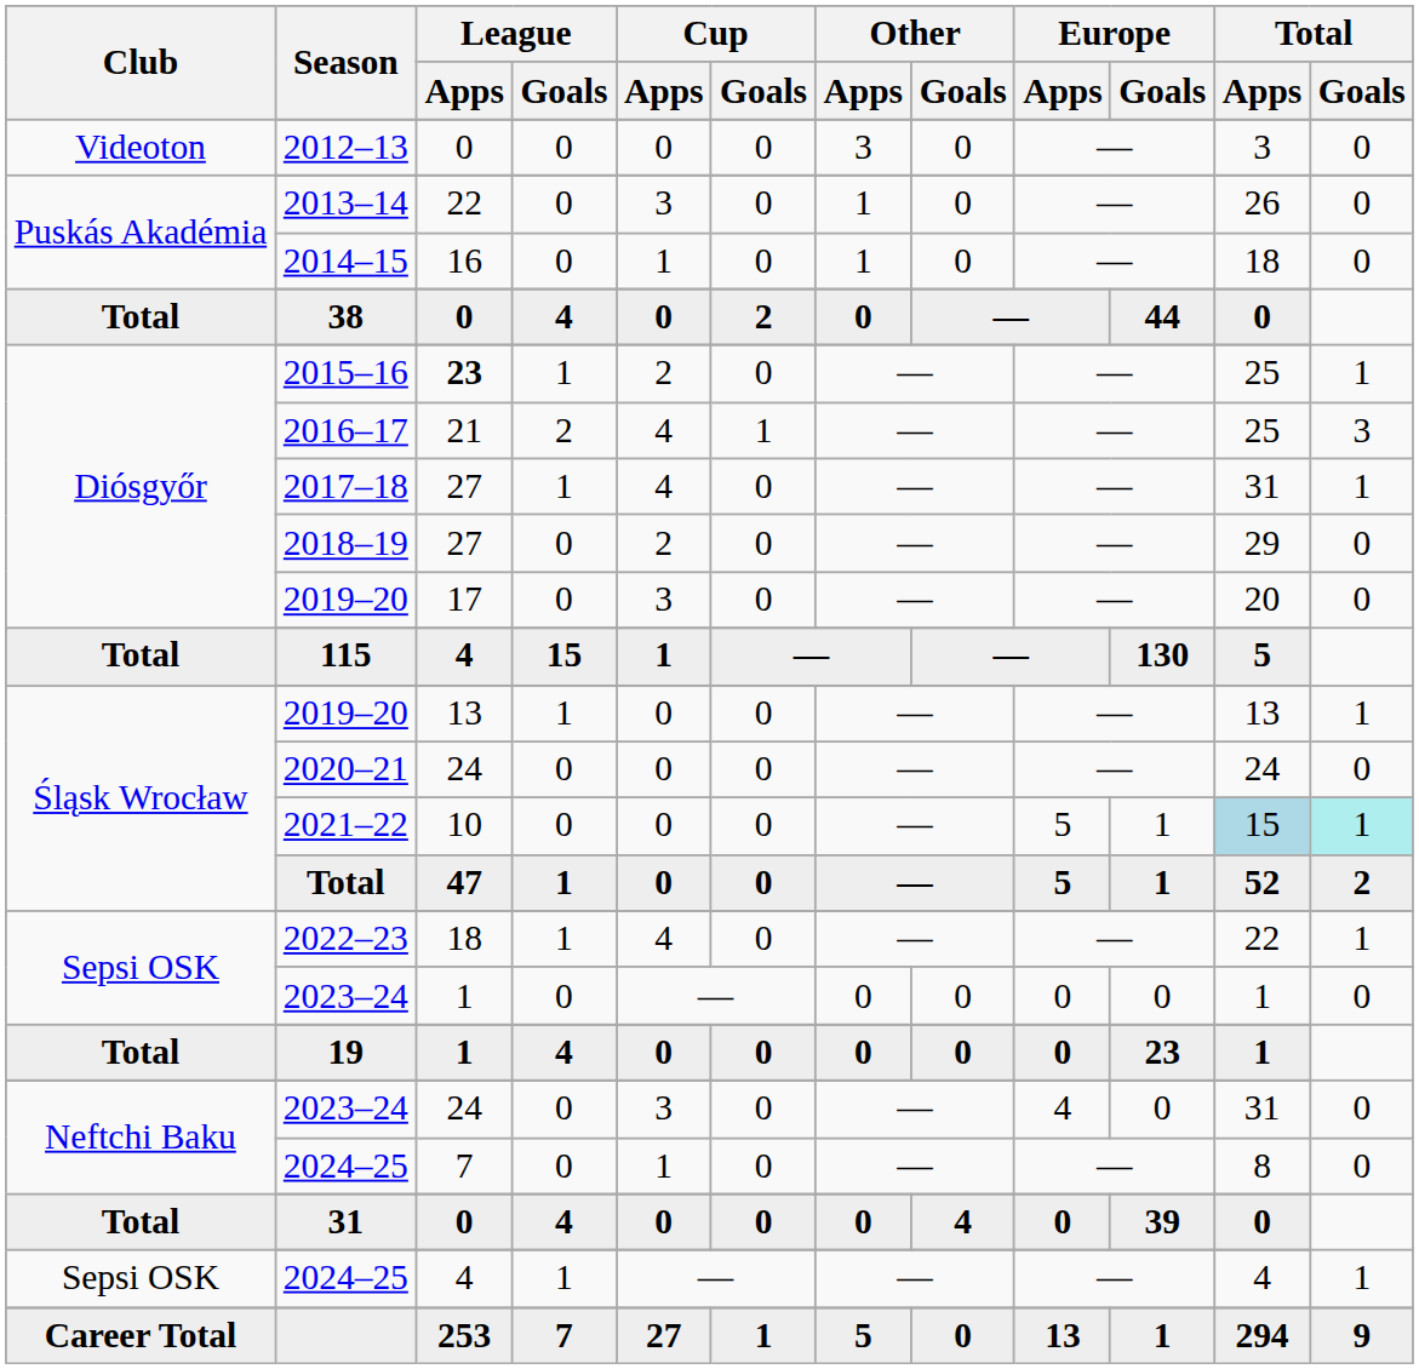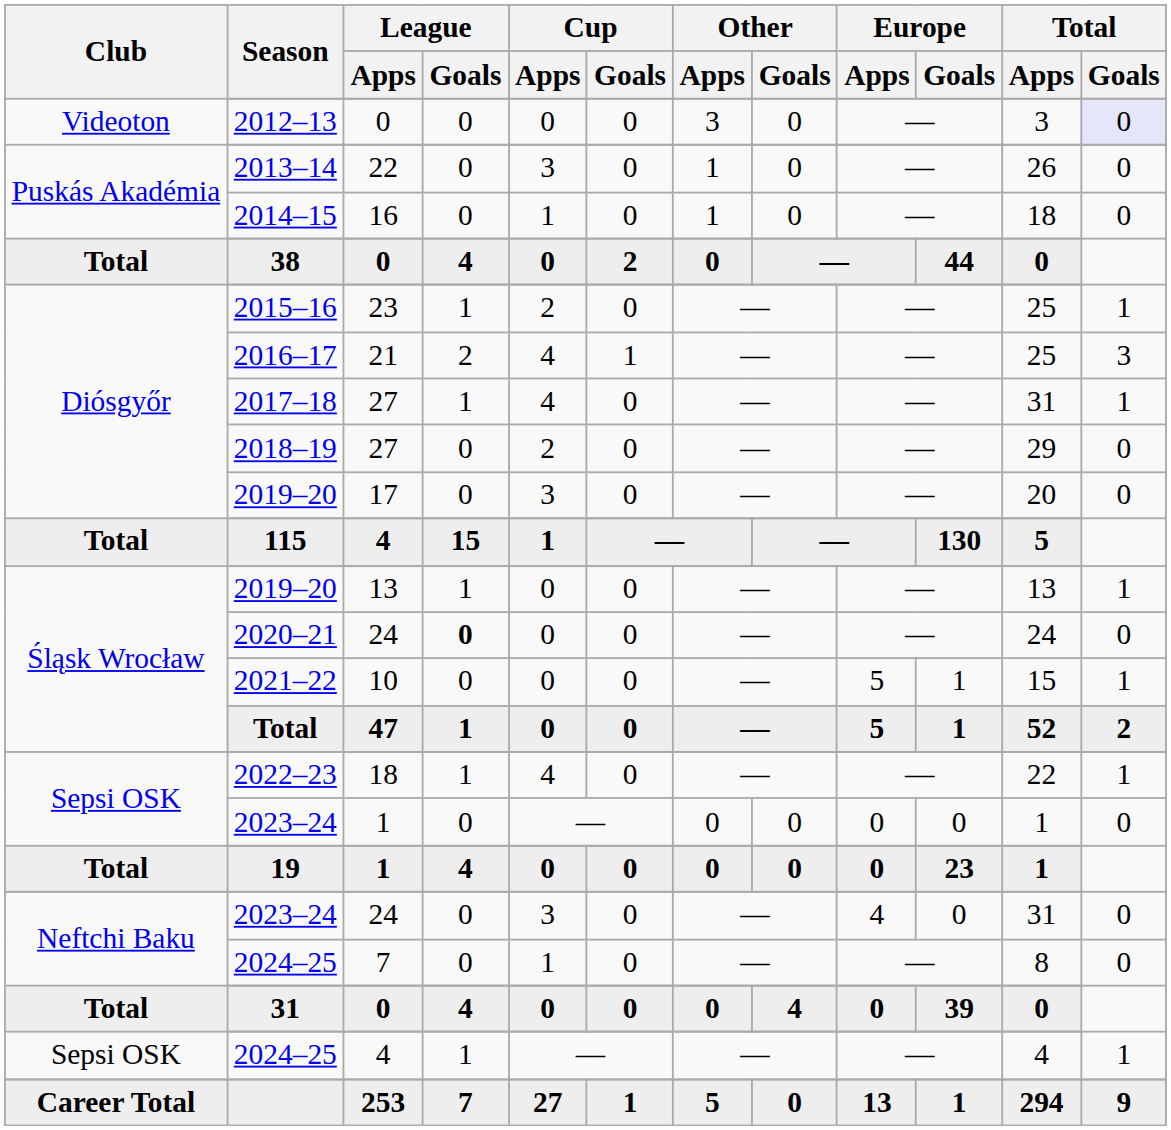 <table class="wikitable" style="font-size:100%; text-align: center;">
 <tr>
 <th rowspan="2">Club</th>
 <th rowspan="2">Season</th>
 <th colspan="2">League</th>
 <th colspan="2">Cup</th>
 <th colspan="2">Other</th>
 <th colspan="2">Europe</th>
 <th colspan="2">Total</th>
 </tr>
 <tr>
 <th>Apps</th>
 <th>Goals</th>
 <th>Apps</th>
 <th>Goals</th>
 <th>Apps</th>
 <th>Goals</th>
 <th>Apps</th>
 <th>Goals</th>
 <th>Apps</th>
 <th>Goals</th>
 </tr>
 <tr ||-||-||-|->
 <td rowspan="2" valign="center"><a href='#'>Videoton</a></td>
 </tr>
 <tr>
 <td><a href='#'>2012–13</a></td>
 <td>0</td>
 <td>0</td>
 <td>0</td>
 <td>0</td>
 <td>3</td>
 <td>0</td>
 <td colspan=2>—</td>
 <td>3</td>
-<td>0</td>
+<td style="background: lavender;">0</td>
 </tr>
 <tr>
 <td rowspan="4" valign="center"><a href='#'>Puskás Akadémia</a></td>
 </tr>
 <tr>
 <td><a href='#'>2013–14</a></td>
 <td>22</td>
 <td>0</td>
 <td>3</td>
 <td>0</td>
 <td>1</td>
 <td>0</td>
 <td colspan=2>—</td>
 <td>26</td>
 <td>0</td>
 </tr>
 <tr>
 <td><a href='#'>2014–15</a></td>
 <td>16</td>
 <td>0</td>
 <td>1</td>
 <td>0</td>
 <td>1</td>
 <td>0</td>
 <td colspan=2>—</td>
 <td>18</td>
 <td>0</td>
 </tr>
 <tr>
 </tr>
 <tr style="font-weight:bold; background-color:#eeeeee;">
 <td>Total</td>
 <td>38</td>
 <td>0</td>
 <td>4</td>
 <td>0</td>
 <td>2</td>
 <td>0</td>
 <td colspan=2>—</td>
 <td>44</td>
 <td>0</td>
 </tr>
 <tr>
 <td rowspan="7" valign="center"><a href='#'>Diósgyőr</a></td>
 </tr>
 <tr>
 <td><a href='#'>2015–16</a></td>
-<td><strong>23</strong></td>
+<td>23</td>
 <td>1</td>
 <td>2</td>
 <td>0</td>
 <td colspan=2>—</td>
 <td colspan=2>—</td>
 <td>25</td>
 <td>1</td>
 </tr>
 <tr>
 <td><a href='#'>2016–17</a></td>
 <td>21</td>
 <td>2</td>
 <td>4</td>
 <td>1</td>
 <td colspan=2>—</td>
 <td colspan=2>—</td>
 <td>25</td>
 <td>3</td>
 </tr>
 <tr>
 <td><a href='#'>2017–18</a></td>
 <td>27</td>
 <td>1</td>
 <td>4</td>
 <td>0</td>
 <td colspan=2>—</td>
 <td colspan=2>—</td>
 <td>31</td>
 <td>1</td>
 </tr>
 <tr>
 <td><a href='#'>2018–19</a></td>
 <td>27</td>
 <td>0</td>
 <td>2</td>
 <td>0</td>
 <td colspan=2>—</td>
 <td colspan=2>—</td>
 <td>29</td>
 <td>0</td>
 </tr>
 <tr>
 <td><a href='#'>2019–20</a></td>
 <td>17</td>
 <td>0</td>
 <td>3</td>
 <td>0</td>
 <td colspan=2>—</td>
 <td colspan=2>—</td>
 <td>20</td>
 <td>0</td>
 </tr>
 <tr>
 </tr>
 <tr style="font-weight:bold; background-color:#eeeeee;">
 <td>Total</td>
 <td>115</td>
 <td>4</td>
 <td>15</td>
 <td>1</td>
 <td colspan=2>—</td>
 <td colspan=2>—</td>
 <td>130</td>
 <td>5</td>
 </tr>
 <tr>
 <td rowspan="5" valign="center"><a href='#'>Śląsk Wrocław</a></td>
 </tr>
 <tr>
 <td><a href='#'>2019–20</a></td>
 <td>13</td>
 <td>1</td>
 <td>0</td>
 <td>0</td>
 <td colspan=2>—</td>
 <td colspan=2>—</td>
 <td>13</td>
 <td>1</td>
 </tr>
 <tr>
 <td><a href='#'>2020–21</a></td>
 <td>24</td>
-<td>0</td>
+<td><strong>0</strong></td>
 <td>0</td>
 <td>0</td>
 <td colspan=2>—</td>
 <td colspan=2>—</td>
 <td>24</td>
 <td>0</td>
 </tr>
 <tr>
 <td><a href='#'>2021–22</a></td>
 <td>10</td>
 <td>0</td>
 <td>0</td>
 <td>0</td>
 <td colspan=2>—</td>
 <td>5</td>
 <td>1</td>
-<td style="background: lightblue;">15</td>
-<td style="background: paleturquoise;">1</td>
+<td>15</td>
+<td>1</td>
 </tr>
 <tr style="font-weight:bold; background-color:#eeeeee;">
 <td>Total</td>
 <td>47</td>
 <td>1</td>
 <td>0</td>
 <td>0</td>
 <td colspan=2>—</td>
 <td>5</td>
 <td>1</td>
 <td>52</td>
 <td>2</td>
 </tr>
 <tr>
 <td rowspan="4" valign="center"><a href='#'>Sepsi OSK</a></td>
 </tr>
 <tr>
 <td><a href='#'>2022–23</a></td>
 <td>18</td>
 <td>1</td>
 <td>4</td>
 <td>0</td>
 <td colspan=2>—</td>
 <td colspan=2>—</td>
 <td>22</td>
 <td>1</td>
 </tr>
 <tr>
 <td><a href='#'>2023–24</a></td>
 <td>1</td>
 <td>0</td>
 <td colspan=2>—</td>
 <td>0</td>
 <td>0</td>
 <td>0</td>
 <td>0</td>
 <td>1</td>
 <td>0</td>
 </tr>
 <tr>
 </tr>
 <tr style="font-weight:bold; background-color:#eeeeee;">
 <td>Total</td>
 <td>19</td>
 <td>1</td>
 <td>4</td>
 <td>0</td>
 <td>0</td>
 <td>0</td>
 <td>0</td>
 <td>0</td>
 <td>23</td>
 <td>1</td>
 </tr>
 <tr>
 </tr>
 <tr ||-||-||-|->
 <td rowspan="4" valign="center"><a href='#'>Neftchi Baku</a></td>
 </tr>
 <tr>
 <td><a href='#'>2023–24</a></td>
 <td>24</td>
 <td>0</td>
 <td>3</td>
 <td>0</td>
 <td colspan=2>—</td>
 <td>4</td>
 <td>0</td>
 <td>31</td>
 <td>0</td>
 </tr>
 <tr>
 <td><a href='#'>2024–25</a></td>
 <td>7</td>
 <td>0</td>
 <td>1</td>
 <td>0</td>
 <td colspan="2">—</td>
 <td colspan=2>—</td>
 <td>8</td>
 <td>0</td>
 </tr>
 <tr>
 </tr>
 <tr style="font-weight:bold; background-color:#eeeeee;">
 <td>Total</td>
 <td>31</td>
 <td>0</td>
 <td>4</td>
 <td>0</td>
 <td>0</td>
 <td>0</td>
 <td>4</td>
 <td>0</td>
 <td>39</td>
 <td>0</td>
 </tr>
 <tr>
 <td rowspan="2" valign="center">Sepsi OSK</td>
 </tr>
 <tr>
 <td><a href='#'>2024–25</a></td>
 <td>4</td>
 <td>1</td>
 <td colspan=2>—</td>
 <td colspan=2>—</td>
 <td colspan=2>—</td>
 <td>4</td>
 <td>1</td>
 </tr>
 <tr>
 </tr>
 <tr style="font-weight:bold; background-color:#eeeeee;">
 <td rowspan="3" valign="top"><strong>Career Total</strong></td>
 <td></td>
 <td><strong>253</strong></td>
 <td><strong>7</strong></td>
 <td><strong>27</strong></td>
 <td><strong>1</strong></td>
 <td><strong>5</strong></td>
 <td><strong>0</strong></td>
 <td>13</td>
 <td><strong>1</strong></td>
 <td><strong>294</strong></td>
 <td><strong>9</strong></td>
 </tr>
 </table>
